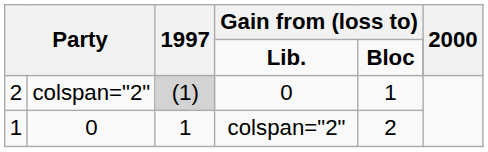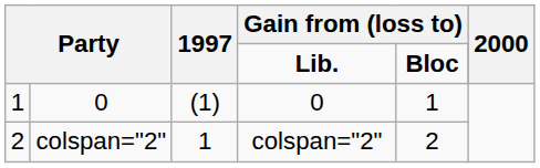 <table class="wikitable" style="text-align:center" align="center">
 <tr>
 <th rowspan="2" colspan="2">Party</th>
 <th rowspan="2">1997</th>
 <th colspan="4">Gain from (loss to)</th>
 <th rowspan="2">2000</th>
 </tr>
 <tr>
 <td><strong>Lib.</strong></td>
 <td><strong>Bloc</strong></td>
 </tr>
 <tr>
-<td>2</td>
-<td>colspan="2" </td>
-<td style="background: lightgrey;">(1)</td>
+<td>1</td>
+<td>0</td>
+<td>(1)</td>
 <td>0</td>
 <td>1</td>
 </tr>
 <tr>
-<td>1</td>
-<td>0</td>
+<td>2</td>
+<td>colspan="2" </td>
 <td>1</td>
 <td>colspan="2" </td>
 <td>2</td>
 </tr>
 </table>
